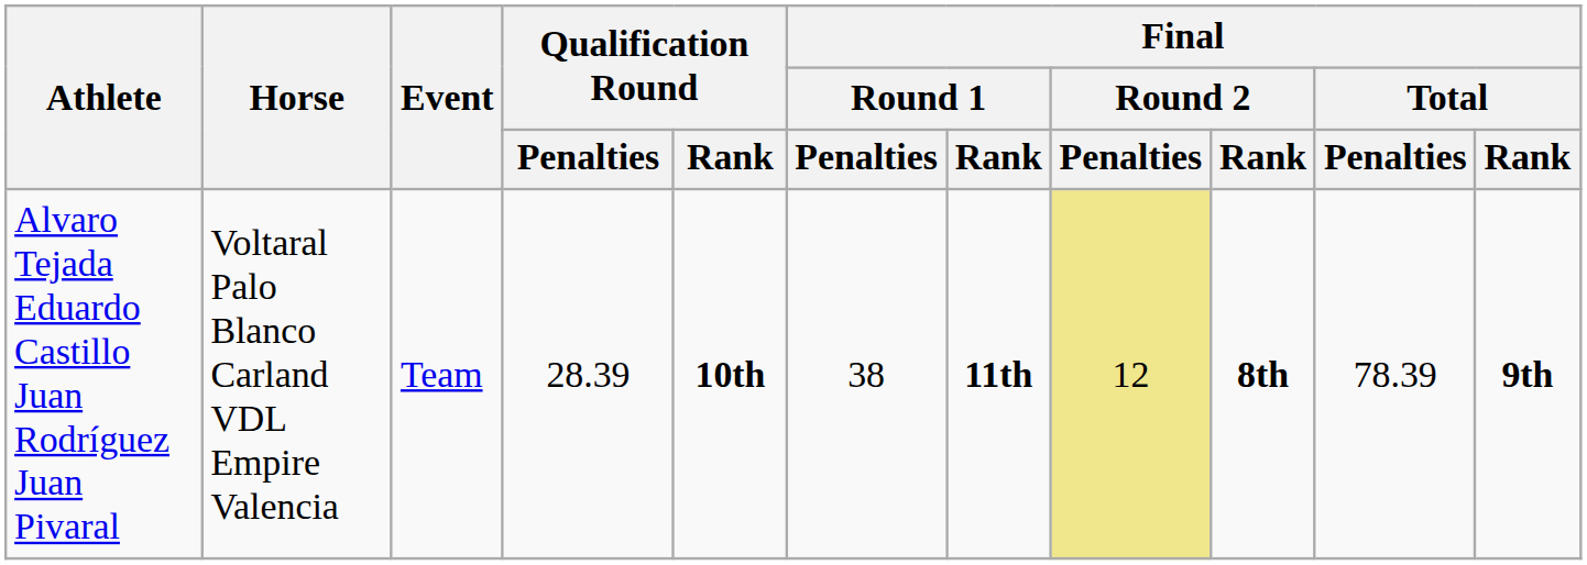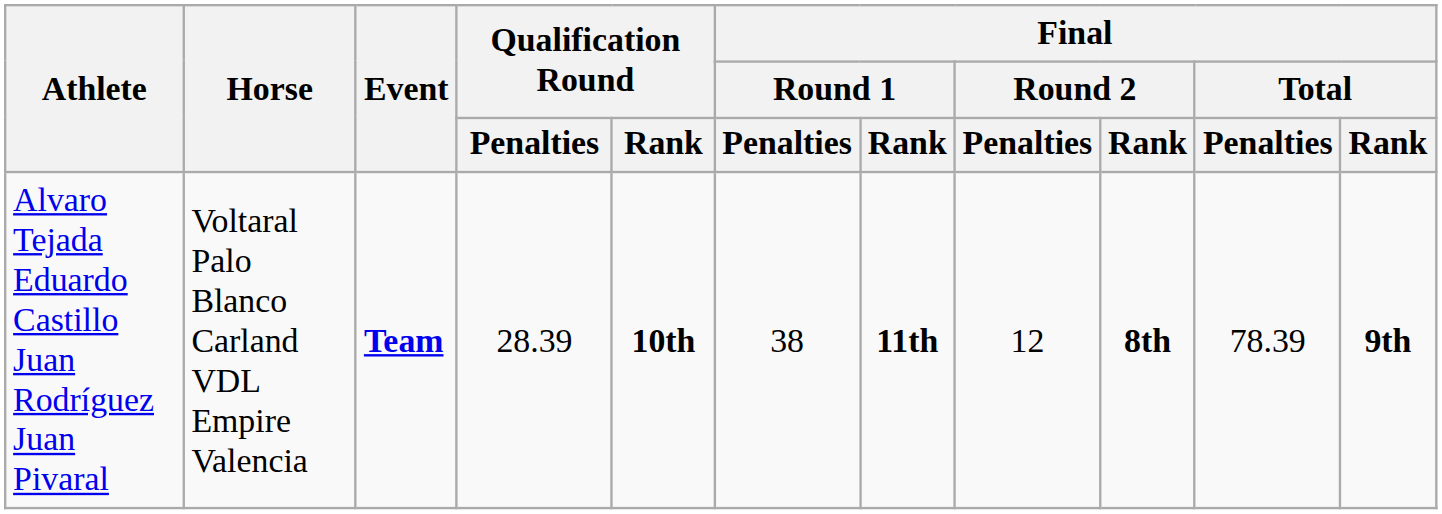 <table class=wikitable style="font-size:90%">
 <tr>
 <th rowspan=3>Athlete</th>
 <th rowspan=3>Horse</th>
 <th rowspan=3>Event</th>
 <th colspan=2 rowspan=2>Qualification Round</th>
 <th colspan=8>Final</th>
 </tr>
 <tr>
 <th colspan=2>Round 1</th>
 <th colspan=2>Round 2</th>
 <th colspan=2>Total</th>
 </tr>
 <tr>
 <th>Penalties</th>
 <th>Rank</th>
 <th>Penalties</th>
 <th>Rank</th>
 <th>Penalties</th>
 <th>Rank</th>
 <th>Penalties</th>
 <th>Rank</th>
 </tr>
 <tr>
 <td><a href='#'>Alvaro Tejada</a><br><a href='#'>Eduardo Castillo</a><br><a href='#'>Juan Rodríguez</a><br><a href='#'>Juan Pivaral</a></td>
 <td>Voltaral Palo Blanco<br>Carland<br>	VDL Empire<br>Valencia</td>
-<td><a href='#'>Team</a></td>
+<td><strong><a href='#'>Team</a></strong></td>
 <td align=center>28.39</td>
 <td align=center><strong>10th</strong></td>
 <td align=center>38</td>
 <td align=center><strong>11th</strong></td>
-<td align=center style="background: khaki;">12</td>
+<td align=center>12</td>
 <td align=center><strong>8th</strong></td>
 <td align=center>78.39</td>
 <td align=center><strong>9th</strong></td>
 </tr>
 </table>
